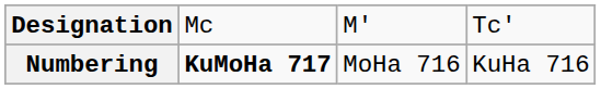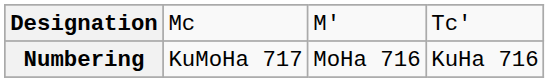 <table class="wikitable">
 <tr>
 <th>Designation</th>
 <td>Mc</td>
 <td>M'</td>
 <td>Tc'</td>
 </tr>
 <tr>
 <th>Numbering</th>
-<td><strong>KuMoHa 717</strong></td>
+<td>KuMoHa 717</td>
 <td>MoHa 716</td>
 <td>KuHa 716</td>
 </tr>
 </table>
